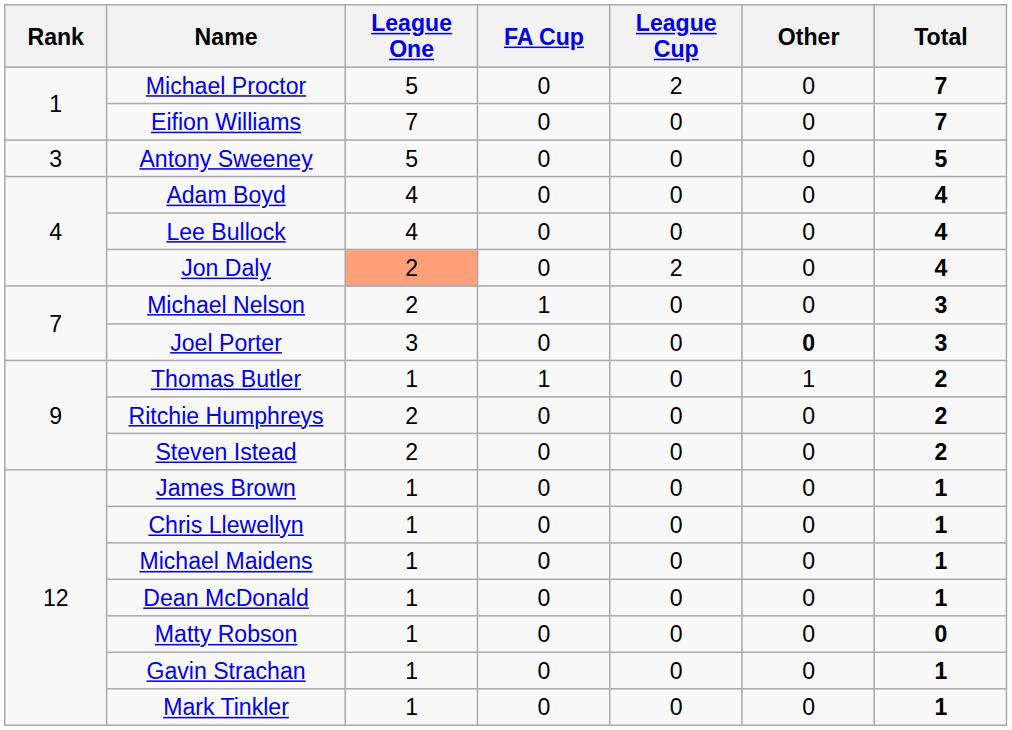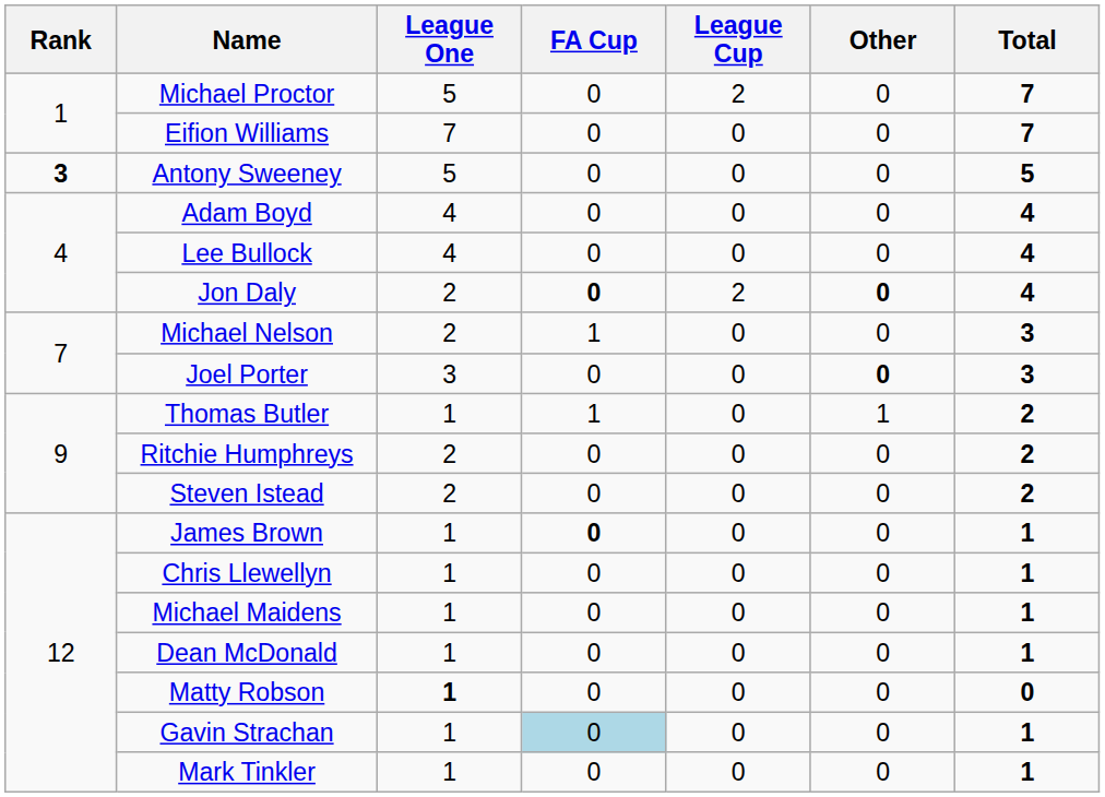 <table class="wikitable" style="font-size: 95%; text-align: center;">
 <tr>
 <th width=60>Rank</th>
 <th width=150>Name</th>
 <th width=80><a href='#'>League One</a></th>
 <th width=80><a href='#'>FA Cup</a></th>
 <th width=80><a href='#'>League Cup</a></th>
 <th width=80>Other</th>
 <th width=80><strong>Total</strong></th>
 </tr>
 <tr>
 <td rowspan=2>1</td>
 <td><a href='#'>Michael Proctor</a></td>
 <td>5</td>
 <td>0</td>
 <td>2</td>
 <td>0</td>
 <td><strong>7</strong></td>
 </tr>
 <tr>
 <td><a href='#'>Eifion Williams</a></td>
 <td>7</td>
 <td>0</td>
 <td>0</td>
 <td>0</td>
 <td><strong>7</strong></td>
 </tr>
 <tr>
-<td>3</td>
+<td><strong>3</strong></td>
 <td><a href='#'>Antony Sweeney</a></td>
 <td>5</td>
 <td>0</td>
 <td>0</td>
 <td>0</td>
 <td><strong>5</strong></td>
 </tr>
 <tr>
 <td rowspan=3>4</td>
 <td><a href='#'>Adam Boyd</a></td>
 <td>4</td>
 <td>0</td>
 <td>0</td>
 <td>0</td>
 <td><strong>4</strong></td>
 </tr>
 <tr>
 <td><a href='#'>Lee Bullock</a></td>
 <td>4</td>
 <td>0</td>
 <td>0</td>
 <td>0</td>
 <td><strong>4</strong></td>
 </tr>
 <tr>
 <td><a href='#'>Jon Daly</a></td>
-<td style="background: lightsalmon;">2</td>
-<td>0</td>
 <td>2</td>
-<td>0</td>
+<td><strong>0</strong></td>
+<td>2</td>
+<td><strong>0</strong></td>
 <td><strong>4</strong></td>
 </tr>
 <tr>
 <td rowspan=2>7</td>
 <td><a href='#'>Michael Nelson</a></td>
 <td>2</td>
 <td>1</td>
 <td>0</td>
 <td>0</td>
 <td><strong>3</strong></td>
 </tr>
 <tr>
 <td><a href='#'>Joel Porter</a></td>
 <td>3</td>
 <td>0</td>
 <td>0</td>
 <td><strong>0</strong></td>
 <td><strong>3</strong></td>
 </tr>
 <tr>
 <td rowspan=3>9</td>
 <td><a href='#'>Thomas Butler</a></td>
 <td>1</td>
 <td>1</td>
 <td>0</td>
 <td>1</td>
 <td><strong>2</strong></td>
 </tr>
 <tr>
 <td><a href='#'>Ritchie Humphreys</a></td>
 <td>2</td>
 <td>0</td>
 <td>0</td>
 <td>0</td>
 <td><strong>2</strong></td>
 </tr>
 <tr>
 <td><a href='#'>Steven Istead</a></td>
 <td>2</td>
 <td>0</td>
 <td>0</td>
 <td>0</td>
 <td><strong>2</strong></td>
 </tr>
 <tr>
 <td rowspan=7>12</td>
 <td><a href='#'>James Brown</a></td>
 <td>1</td>
-<td>0</td>
+<td><strong>0</strong></td>
 <td>0</td>
 <td>0</td>
 <td><strong>1</strong></td>
 </tr>
 <tr>
 <td><a href='#'>Chris Llewellyn</a></td>
 <td>1</td>
 <td>0</td>
 <td>0</td>
 <td>0</td>
 <td><strong>1</strong></td>
 </tr>
 <tr>
 <td><a href='#'>Michael Maidens</a></td>
 <td>1</td>
 <td>0</td>
 <td>0</td>
 <td>0</td>
 <td><strong>1</strong></td>
 </tr>
 <tr>
 <td><a href='#'>Dean McDonald</a></td>
 <td>1</td>
 <td>0</td>
 <td>0</td>
 <td>0</td>
 <td><strong>1</strong></td>
 </tr>
 <tr>
 <td><a href='#'>Matty Robson</a></td>
-<td>1</td>
+<td><strong>1</strong></td>
 <td>0</td>
 <td>0</td>
 <td>0</td>
 <td><strong>0</strong></td>
 </tr>
 <tr>
 <td><a href='#'>Gavin Strachan</a></td>
 <td>1</td>
-<td>0</td>
+<td style="background: lightblue;">0</td>
 <td>0</td>
 <td>0</td>
 <td><strong>1</strong></td>
 </tr>
 <tr>
 <td><a href='#'>Mark Tinkler</a></td>
 <td>1</td>
 <td>0</td>
 <td>0</td>
 <td>0</td>
 <td><strong>1</strong></td>
 </tr>
 </table>
